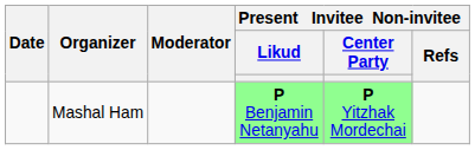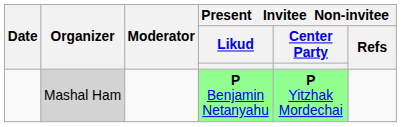 <table class="wikitable" style="font-size:85%; line-height:15px; text-align:center;">
 <tr>
 <th rowspan="3">Date</th>
 <th rowspan="3">Organizer</th>
 <th rowspan="3">Moderator</th>
 <th colspan="14"> Present    Invitee  Non-invitee </th>
 </tr>
 <tr>
 <th scope="col" style="width:5em;"><a href='#'>Likud</a></th>
 <th scope="col" style="width:5em;"><a href='#'>Center Party</a></th>
 <th rowspan="2">Refs</th>
 </tr>
 <tr>
 <th style="background:"></th>
 <th style="background:"></th>
 </tr>
 <tr>
 <td></td>
-<td>Mashal Ham</td>
+<td style="background: lightgrey;">Mashal Ham</td>
 <td></td>
 <td style="background:#90FF90"><strong>P</strong><br><a href='#'>Benjamin Netanyahu</a></td>
 <td style="background:#90FF90"><strong>P</strong><br><a href='#'>Yitzhak Mordechai</a></td>
 <td></td>
 </tr>
 </table>
